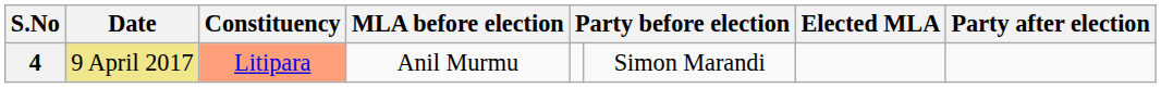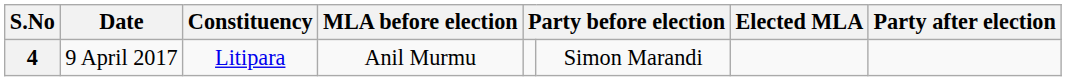 <table class="wikitable sortable" style="text-align:center;">
 <tr>
 <th>S.No</th>
 <th>Date</th>
 <th>Constituency</th>
 <th>MLA before election</th>
 <th colspan="2">Party before election</th>
 <th>Elected MLA</th>
 <th colspan="2">Party after election</th>
 </tr>
 <tr>
 <th>4</th>
-<td style="background: khaki;">9 April 2017</td>
-<td style="background: lightsalmon;"><a href='#'>Litipara</a></td>
+<td>9 April 2017</td>
+<td><a href='#'>Litipara</a></td>
 <td>Anil Murmu</td>
 <td></td>
 <td>Simon Marandi</td>
 <td></td>
 </tr>
 </table>
